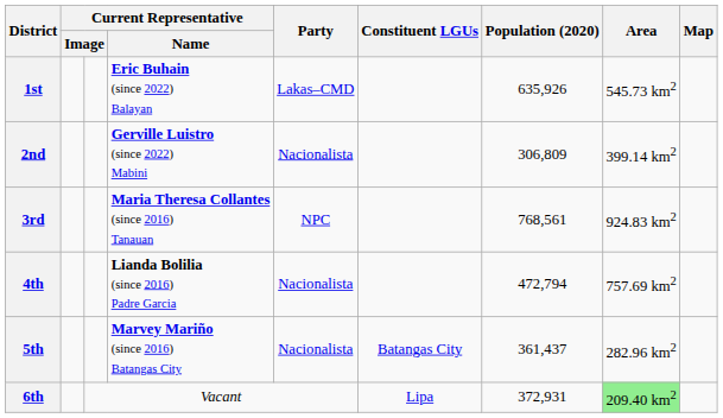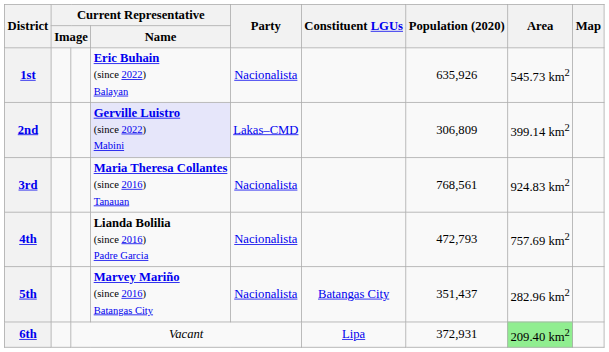 <table class="wikitable sortable" style="margin: 1em auto; font-size:100%; line-height:20px; text-align:center">
 <tr>
 <th rowspan="2">District</th>
 <th colspan="3">Current Representative</th>
 <th rowspan="2">Party</th>
 <th rowspan="2">Constituent <a href='#'>LGUs</a></th>
 <th rowspan="2">Population (2020)</th>
 <th rowspan="2">Area</th>
 <th rowspan="2">Map</th>
 </tr>
 <tr>
 <th colspan="2">Image</th>
 <th>Name</th>
 </tr>
 <tr>
 <th><a href='#'>1st</a></th>
 <td style="background:"></td>
 <td></td>
 <td style="text-align:left;"><strong><a href='#'>Eric Buhain</a></strong><br><small>(since <a href='#'>2022</a>)</small><br><small><a href='#'>Balayan</a></small></td>
-<td><a href='#'>Lakas–CMD</a></td>
+<td><a href='#'>Nacionalista</a></td>
 <td></td>
 <td>635,926</td>
 <td>545.73 km<sup>2</sup></td>
 <td></td>
 </tr>
 <tr>
 <th><a href='#'>2nd</a></th>
 <td style="background:"></td>
 <td></td>
-<td style="text-align:left;"><strong><a href='#'>Gerville Luistro</a></strong><br><small>(since <a href='#'>2022</a>)</small><br><small><a href='#'>Mabini</a></small></td>
-<td><a href='#'>Nacionalista</a></td>
+<td style="background: lavender; text-align:left;"><strong><a href='#'>Gerville Luistro</a></strong><br><small>(since <a href='#'>2022</a>)</small><br><small><a href='#'>Mabini</a></small></td>
+<td><a href='#'>Lakas–CMD</a></td>
 <td></td>
 <td>306,809</td>
 <td>399.14 km<sup>2</sup></td>
 <td></td>
 </tr>
 <tr>
 <th><a href='#'>3rd</a></th>
 <td style="background:"></td>
 <td></td>
 <td style="text-align:left;"><strong><a href='#'>Maria Theresa Collantes</a></strong><br><small>(since <a href='#'>2016</a>)</small><br><small><a href='#'>Tanauan</a></small></td>
-<td><a href='#'>NPC</a></td>
+<td><a href='#'>Nacionalista</a></td>
 <td></td>
 <td>768,561</td>
 <td>924.83 km<sup>2</sup></td>
 <td></td>
 </tr>
 <tr>
 <th><a href='#'>4th</a></th>
 <td style="background:"></td>
 <td></td>
 <td style="text-align:left;"><strong>Lianda Bolilia</strong><br><small>(since <a href='#'>2016</a>)</small><br><small><a href='#'>Padre Garcia</a></small></td>
 <td><a href='#'>Nacionalista</a></td>
 <td></td>
-<td>472,794</td>
+<td>472,793</td>
 <td>757.69 km<sup>2</sup></td>
 <td></td>
 </tr>
 <tr>
 <th><a href='#'>5th</a></th>
 <td style="background:"></td>
 <td></td>
 <td style="text-align:left;"><strong><a href='#'>Marvey Mariño</a></strong><br><small>(since <a href='#'>2016</a>)</small><br><small><a href='#'>Batangas City</a></small></td>
 <td><a href='#'>Nacionalista</a></td>
 <td><a href='#'>Batangas City</a></td>
-<td>361,437</td>
+<td>351,437</td>
 <td>282.96 km<sup>2</sup></td>
 <td></td>
 </tr>
 <tr>
 <th><a href='#'>6th</a></th>
 <td></td>
 <td colspan=3><em>Vacant</em></td>
 <td><a href='#'>Lipa</a></td>
 <td>372,931</td>
 <td style="background: lightgreen;">209.40 km<sup>2</sup></td>
 <td></td>
 </tr>
 </table>
